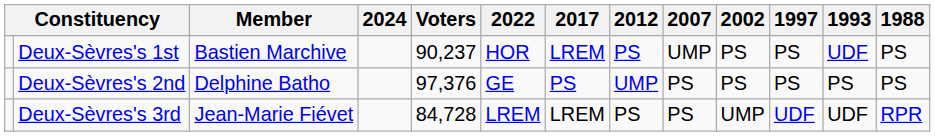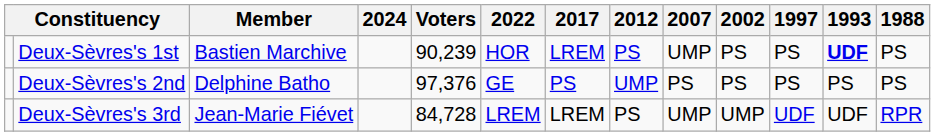 <table class="wikitable sortable">
 <tr>
 <th colspan="2">Constituency</th>
 <th>Member</th>
 <th>2024</th>
 <th>Voters</th>
 <th>2022</th>
 <th>2017</th>
 <th>2012</th>
 <th>2007</th>
 <th>2002</th>
 <th>1997</th>
 <th>1993</th>
 <th>1988</th>
 </tr>
 <tr>
 <td style="background-color: "></td>
 <td><a href='#'>Deux-Sèvres's 1st</a></td>
 <td><a href='#'>Bastien Marchive</a></td>
 <td></td>
-<td>90,237</td>
+<td>90,239</td>
 <td><a href='#'>HOR</a></td>
 <td><a href='#'>LREM</a></td>
 <td><a href='#'>PS</a></td>
 <td>UMP</td>
 <td>PS</td>
 <td>PS</td>
-<td><a href='#'>UDF</a></td>
+<td><strong><a href='#'>UDF</a></strong></td>
 <td>PS</td>
 </tr>
 <tr>
 <td style="background-color: "></td>
 <td><a href='#'>Deux-Sèvres's 2nd</a></td>
 <td><a href='#'>Delphine Batho</a></td>
 <td></td>
 <td>97,376</td>
 <td><a href='#'>GE</a></td>
 <td><a href='#'>PS</a></td>
 <td><a href='#'>UMP</a></td>
 <td>PS</td>
 <td>PS</td>
 <td>PS</td>
 <td>PS</td>
 <td>PS</td>
 </tr>
 <tr>
 <td style="background-color: "></td>
 <td><a href='#'>Deux-Sèvres's 3rd</a></td>
 <td><a href='#'>Jean-Marie Fiévet</a></td>
 <td></td>
 <td>84,728</td>
 <td><a href='#'>LREM</a></td>
 <td>LREM</td>
 <td>PS</td>
-<td>PS</td>
+<td>UMP</td>
 <td>UMP</td>
 <td><a href='#'>UDF</a></td>
 <td>UDF</td>
 <td><a href='#'>RPR</a></td>
 </tr>
 </table>
